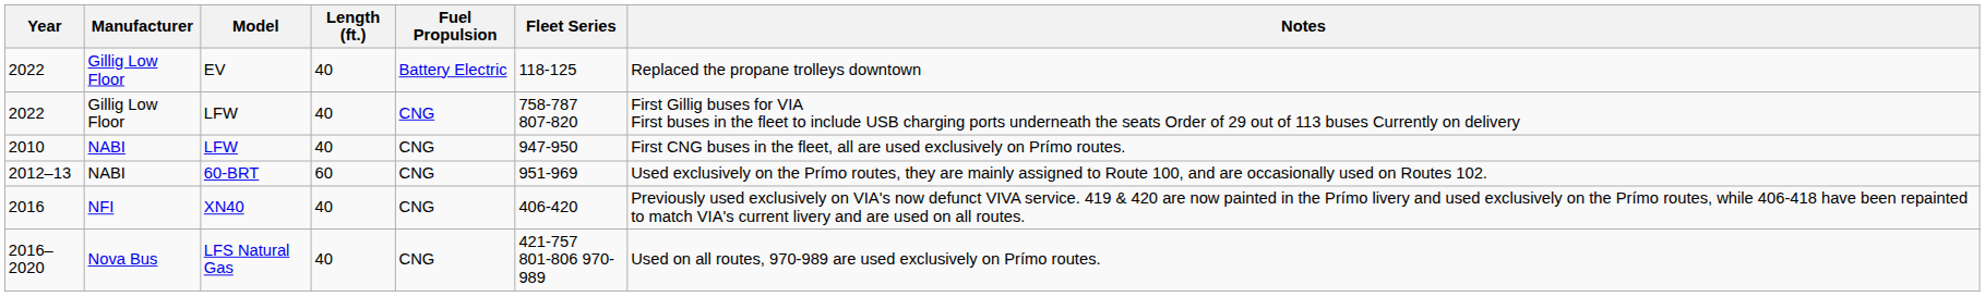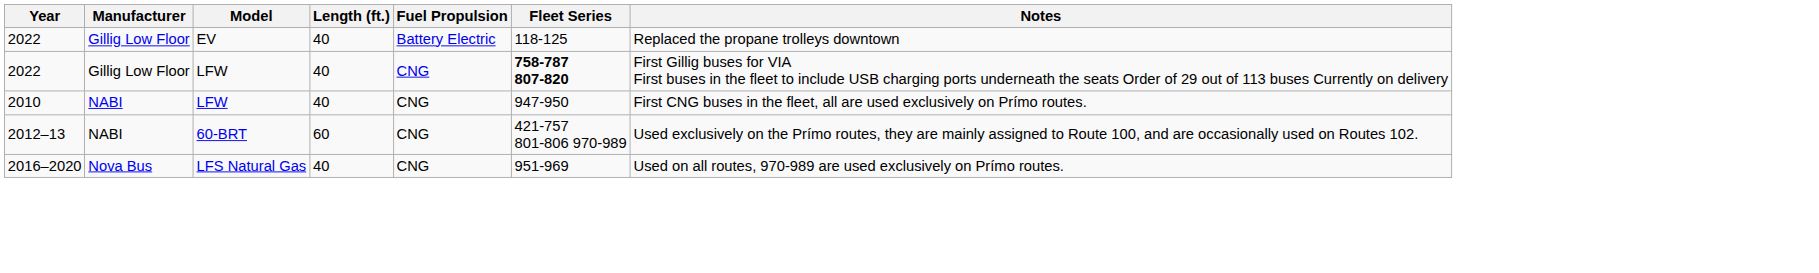 <table class="sortable wikitable">
 <tr>
 <th>Year</th>
 <th>Manufacturer</th>
 <th class="unsortable">Model</th>
 <th>Length (ft.)</th>
 <th>Fuel Propulsion</th>
 <th>Fleet Series</th>
 <th class="unsortable">Notes</th>
 </tr>
 <tr>
 <td>2022</td>
 <td><a href='#'>Gillig Low Floor</a></td>
 <td>EV</td>
 <td>40</td>
 <td><a href='#'>Battery Electric</a></td>
 <td>118-125</td>
 <td>Replaced the propane trolleys downtown</td>
 </tr>
 <tr>
 <td>2022</td>
 <td>Gillig Low Floor</td>
 <td>LFW</td>
 <td>40</td>
 <td><a href='#'>CNG</a></td>
-<td>758-787<br>807-820</td>
+<td><strong>758-787<br>807-820</strong></td>
 <td>First Gillig buses for VIA<br>First buses in the fleet to include USB charging ports underneath the seats Order of 29 out of 113 buses Currently on delivery</td>
 </tr>
 <tr>
 <td>2010</td>
 <td><a href='#'>NABI</a></td>
 <td><a href='#'>LFW</a></td>
 <td>40</td>
 <td>CNG</td>
 <td>947-950</td>
 <td>First CNG buses in the fleet, all are used exclusively on Prímo routes.</td>
 </tr>
 <tr>
 <td>2012–13</td>
 <td>NABI</td>
 <td><a href='#'>60-BRT</a></td>
 <td>60</td>
 <td>CNG</td>
-<td>951-969</td>
+<td>421-757<br>801-806 970-989</td>
 <td>Used exclusively on the Prímo routes, they are mainly assigned to Route 100, and are occasionally used on Routes 102.</td>
-</tr>
-<tr>
-<td>2016</td>
-<td><a href='#'>NFI</a></td>
-<td><a href='#'>XN40</a></td>
-<td>40</td>
-<td>CNG</td>
-<td>406-420</td>
-<td>Previously used exclusively on VIA's now defunct VIVA service. 419 & 420 are now painted in the Prímo livery and used exclusively on the Prímo routes, while 406-418 have been repainted to match VIA's current livery and are used on all routes.</td>
 </tr>
 <tr>
 <td>2016–2020</td>
 <td><a href='#'>Nova Bus</a></td>
 <td><a href='#'>LFS Natural Gas</a></td>
 <td>40</td>
 <td>CNG</td>
-<td>421-757<br>801-806 970-989</td>
+<td>951-969</td>
 <td>Used on all routes, 970-989 are used exclusively on Prímo routes.</td>
 </tr>
 </table>
